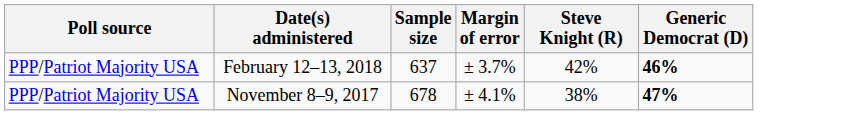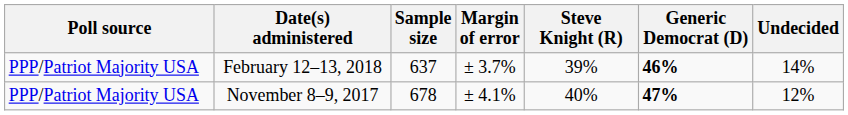 <table class="wikitable">
 <tr>
 <th style="width:180px;">Poll source</th>
 <th style="width:150px;">Date(s)<br>administered</th>
 <th>Sample<br>size</th>
 <th>Margin<br>of error</th>
 <th style="width:95px;">Steve<br>Knight (R)</th>
 <th style="width:95px;">Generic<br>Democrat (D)</th>
+<th>Undecided</th>
 </tr>
 <tr>
 <td><a href='#'>PPP</a>/<a href='#'>Patriot Majority USA</a></td>
 <td style="text-align:center">February 12–13, 2018</td>
 <td style="text-align:center">637</td>
 <td style="text-align:center">± 3.7%</td>
-<td style="text-align:center">42%</td>
+<td style="text-align:center">39%</td>
 <td style="background-color:"><strong>46%</strong></td>
+<td style="text-align:center">14%</td>
 </tr>
 <tr>
 <td><a href='#'>PPP</a>/<a href='#'>Patriot Majority USA</a></td>
 <td style="text-align:center">November 8–9, 2017</td>
 <td style="text-align:center">678</td>
 <td style="text-align:center">± 4.1%</td>
-<td style="text-align:center">38%</td>
+<td style="text-align:center">40%</td>
 <td style="background-color:"><strong>47%</strong></td>
+<td style="text-align:center">12%</td>
 </tr>
 </table>
